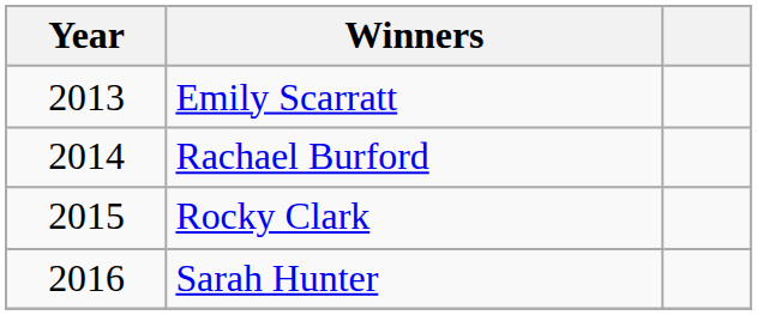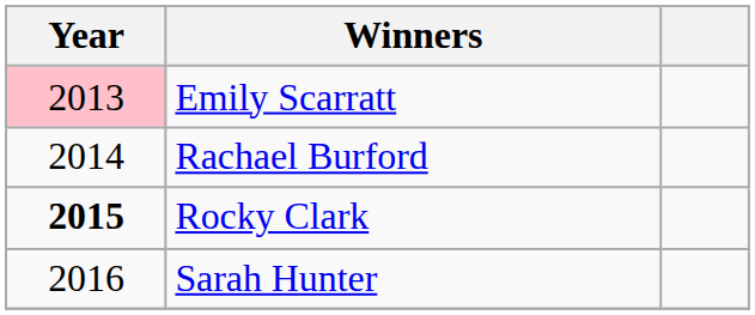 <table class="wikitable">
 <tr>
 <th width=60>Year</th>
 <th width=200>Winners</th>
 <th width=30></th>
 </tr>
 <tr>
-<td align=center>2013</td>
+<td align=center style="background: pink;">2013</td>
 <td><a href='#'>Emily Scarratt</a></td>
 <td align=center></td>
 </tr>
 <tr>
 <td align=center>2014</td>
 <td><a href='#'>Rachael Burford</a></td>
 <td align=center></td>
 </tr>
 <tr>
-<td align=center>2015</td>
+<td align=center><strong>2015</strong></td>
 <td><a href='#'>Rocky Clark</a></td>
 <td align=center></td>
 </tr>
 <tr>
 <td align=center>2016</td>
 <td><a href='#'>Sarah Hunter</a></td>
 <td align=center></td>
 </tr>
 <tr>
 </tr>
 </table>
